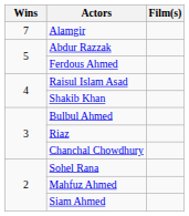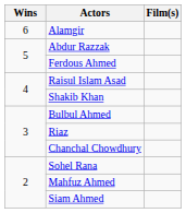 <table class="wikitable" rowspan=2 style="text-align: left;">
 <tr>
 <th scope="col" width="55">Wins</th>
 <th scope="col">Actors</th>
 <th scope="col">Film(s)</th>
 </tr>
 <tr>
-<td style="text-align:center">7</td>
+<td style="text-align:center">6</td>
 <td><a href='#'>Alamgir</a></td>
 <td></td>
 </tr>
 <tr>
 <td rowspan=2 style="text-align:center">5</td>
 <td><a href='#'>Abdur Razzak</a></td>
 <td></td>
 </tr>
 <tr>
 <td><a href='#'>Ferdous Ahmed</a></td>
 <td></td>
 </tr>
 <tr>
 <td rowspan=2 style="text-align:center">4</td>
 <td><a href='#'>Raisul Islam Asad</a></td>
 <td></td>
 </tr>
 <tr>
 <td><a href='#'>Shakib Khan</a></td>
 <td></td>
 </tr>
 <tr>
 <td rowspan=3 style="text-align:center">3</td>
 <td><a href='#'>Bulbul Ahmed</a></td>
 <td></td>
 </tr>
 <tr>
 <td><a href='#'>Riaz</a></td>
 <td></td>
 </tr>
 <tr>
 <td><a href='#'>Chanchal Chowdhury</a></td>
 <td></td>
 </tr>
 <tr>
 <td rowspan="3" style="text-align:center">2</td>
 <td><a href='#'>Sohel Rana</a></td>
 <td></td>
 </tr>
 <tr>
 <td><a href='#'>Mahfuz Ahmed</a></td>
 <td></td>
 </tr>
 <tr>
 <td><a href='#'>Siam Ahmed</a></td>
 <td></td>
 </tr>
 </table>
